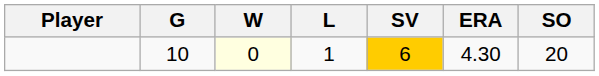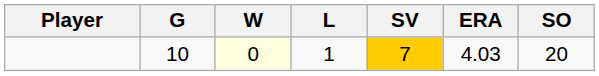 <table class="wikitable sortable">
 <tr>
 <th bgcolor="#DDDDFF" width="16%">Player</th>
 <th bgcolor="#DDDDFF" width="9%">G</th>
 <th bgcolor="#DDDDFF" width="9%">W</th>
 <th bgcolor="#DDDDFF" width="9%">L</th>
 <th bgcolor="#DDDDFF" width="9%">SV</th>
 <th bgcolor="#DDDDFF" width="9%">ERA</th>
 <th bgcolor="#DDDDFF" width="9%">SO</th>
 </tr>
 <tr align="center">
 <td></td>
 <td>10</td>
 <td style="background: lightyellow;">0</td>
 <td>1</td>
-<td bgcolor=#ffcc00>6</td>
-<td>4.30</td>
+<td bgcolor=#ffcc00>7</td>
+<td>4.03</td>
 <td>20</td>
 </tr>
 </table>
